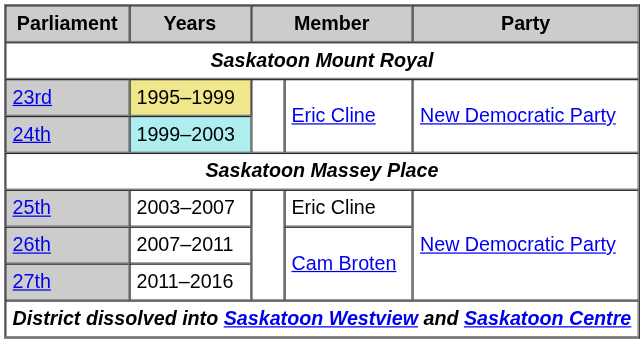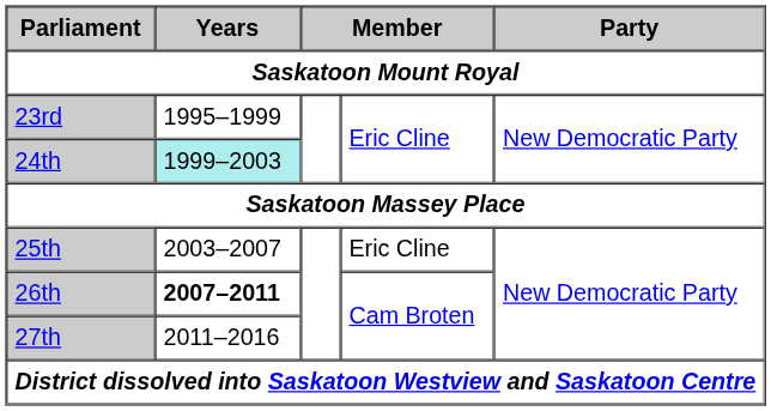 <table border=1 cellpadding=5 cellspacing=0>
 <tr bgcolor="CCCCCC">
 <th>Parliament</th>
 <th>Years</th>
 <th colspan="2">Member</th>
 <th>Party</th>
 </tr>
 <tr>
 <td colspan="5" align="center"><strong><em>Saskatoon Mount Royal</em></strong></td>
 </tr>
 <tr>
 <td bgcolor="CCCCCC"><a href='#'>23rd</a></td>
-<td style="background: khaki;">1995–1999</td>
+<td>1995–1999</td>
 <td rowspan="2" >   </td>
 <td rowspan="2"><a href='#'>Eric Cline</a></td>
 <td rowspan="2"><a href='#'>New Democratic Party</a></td>
 </tr>
 <tr>
 <td bgcolor="CCCCCC"><a href='#'>24th</a></td>
 <td style="background: paleturquoise;">1999–2003</td>
 </tr>
 <tr>
 <td colspan="5" align="center"><strong><em>Saskatoon Massey Place</em></strong></td>
 </tr>
 <tr>
 <td bgcolor="CCCCCC"><a href='#'>25th</a></td>
 <td>2003–2007</td>
 <td rowspan="3" >   </td>
 <td>Eric Cline</td>
 <td rowspan="3"><a href='#'>New Democratic Party</a></td>
 </tr>
 <tr>
 <td bgcolor="CCCCCC"><a href='#'>26th</a></td>
-<td>2007–2011</td>
+<td><strong>2007–2011</strong></td>
 <td rowspan="2"><a href='#'>Cam Broten</a></td>
 </tr>
 <tr>
 <td bgcolor="CCCCCC"><a href='#'>27th</a></td>
 <td>2011–2016</td>
 </tr>
 <tr>
 <td colspan="5" align="center"><strong><em>District dissolved into <a href='#'>Saskatoon Westview</a> and <a href='#'>Saskatoon Centre</a></em></strong></td>
 </tr>
 <tr>
 </tr>
 </table>
